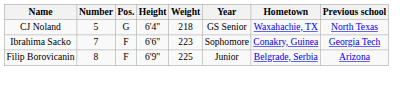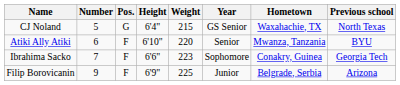 <table class="wikitable sortable sortable" style="text-align:center">
 <tr align=center>
 <th>Name</th>
 <th>Number</th>
 <th>Pos.</th>
 <th>Height</th>
 <th>Weight</th>
 <th>Year</th>
 <th>Hometown</th>
 <th class="unsortable">Previous school</th>
 </tr>
 <tr>
 <td>CJ Noland</td>
 <td>5</td>
 <td>G</td>
 <td>6'4"</td>
-<td>218</td>
+<td>215</td>
 <td>GS Senior</td>
 <td><a href='#'>Waxahachie, TX</a></td>
 <td><a href='#'>North Texas</a></td>
+</tr>
+<tr>
+<td><a href='#'>Atiki Ally Atiki</a></td>
+<td>6</td>
+<td>F</td>
+<td>6'10"</td>
+<td>220</td>
+<td>Senior</td>
+<td><a href='#'>Mwanza, Tanzania</a></td>
+<td><a href='#'>BYU</a></td>
 </tr>
 <tr>
 <td>Ibrahima Sacko</td>
 <td>7</td>
 <td>F</td>
 <td>6'6"</td>
 <td>223</td>
 <td>Sophomore</td>
 <td><a href='#'>Conakry, Guinea</a></td>
 <td><a href='#'>Georgia Tech</a></td>
 </tr>
 <tr>
 <td>Filip Borovicanin</td>
-<td>8</td>
+<td>9</td>
 <td>F</td>
 <td>6'9"</td>
 <td>225</td>
 <td>Junior</td>
 <td><a href='#'>Belgrade, Serbia</a></td>
 <td><a href='#'>Arizona</a></td>
 </tr>
 </table>
